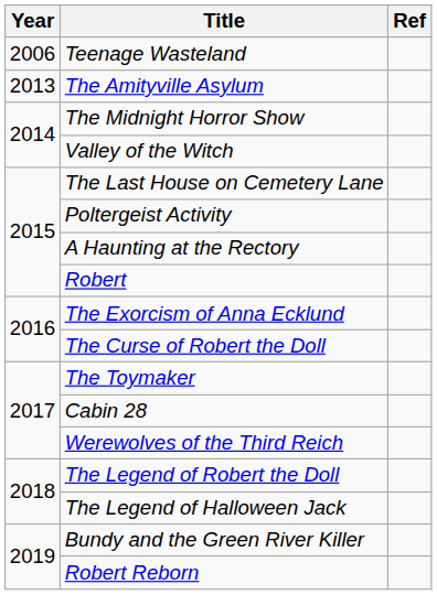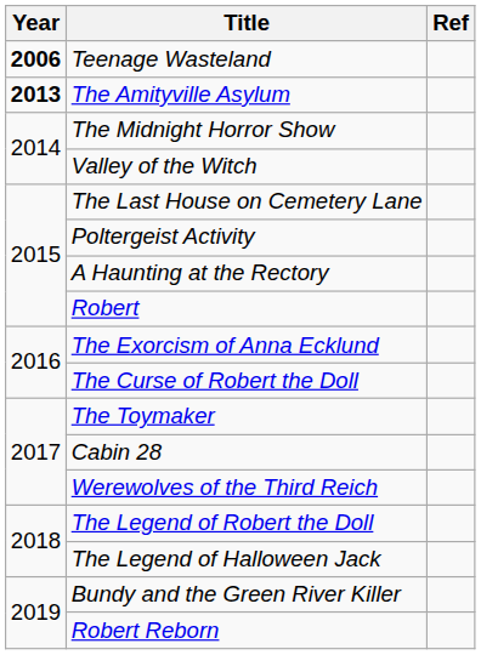 <table class="wikitable sortable">
 <tr>
 <th>Year</th>
 <th>Title</th>
 <th>Ref</th>
 </tr>
 <tr>
-<td>2006</td>
+<td><strong>2006</strong></td>
 <td><em>Teenage Wasteland</em></td>
 </tr>
 <tr>
-<td>2013</td>
+<td><strong>2013</strong></td>
 <td><em><a href='#'>The Amityville Asylum</a></em></td>
 <td></td>
 </tr>
 <tr>
 <td rowspan="2">2014</td>
 <td><em>The Midnight Horror Show</em></td>
 <td></td>
 </tr>
 <tr>
 <td><em>Valley of the Witch</em></td>
 <td></td>
 </tr>
 <tr>
 <td rowspan="4">2015</td>
 <td><em>The Last House on Cemetery Lane</em></td>
 <td></td>
 </tr>
 <tr>
 <td><em>Poltergeist Activity</em></td>
 <td></td>
 </tr>
 <tr>
 <td><em>A Haunting at the Rectory</em></td>
 <td></td>
 </tr>
 <tr>
 <td><em><a href='#'>Robert</a></em></td>
 <td></td>
 </tr>
 <tr>
 <td rowspan="2">2016</td>
 <td><em><a href='#'>The Exorcism of Anna Ecklund</a></em></td>
 <td></td>
 </tr>
 <tr>
 <td><em><a href='#'>The Curse of Robert the Doll</a></em></td>
 <td></td>
 </tr>
 <tr>
 <td rowspan="3">2017</td>
 <td><em><a href='#'>The Toymaker</a></em></td>
 <td></td>
 </tr>
 <tr>
 <td><em>Cabin 28</em></td>
 <td></td>
 </tr>
 <tr>
 <td><em><a href='#'>Werewolves of the Third Reich</a></em></td>
 <td></td>
 </tr>
 <tr>
 <td rowspan="2">2018</td>
 <td><em><a href='#'>The Legend of Robert the Doll</a></em></td>
 <td></td>
 </tr>
 <tr>
 <td><em>The Legend of Halloween Jack</em></td>
 <td></td>
 </tr>
 <tr>
 <td rowspan="2">2019</td>
 <td><em>Bundy and the Green River Killer</em></td>
 <td></td>
 </tr>
 <tr>
 <td><em><a href='#'>Robert Reborn</a></em></td>
 <td></td>
 </tr>
 </table>
